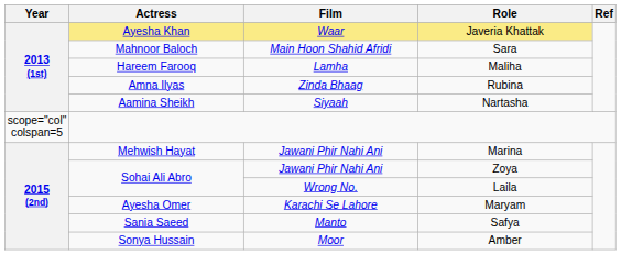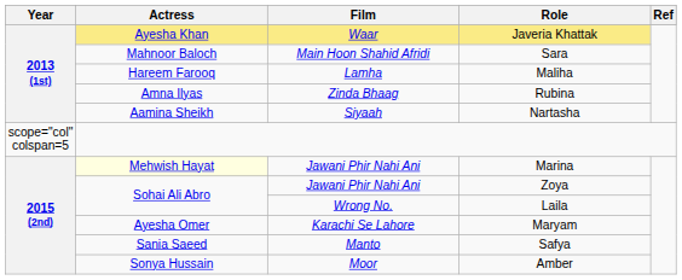 <table class="wikitable" style="text-align:center;">
 <tr style="background:#bebebe;">
 <th scope="col" style="width:8%;">Year</th>
 <th scope="col" style="width:30%;">Actress</th>
 <th scope="col" style="width:30%;">Film</th>
 <th scope="col" style="width:30%;">Role</th>
 <th scope="col" style="width:2%;">Ref</th>
 </tr>
 <tr>
 <th scope="row"  rowspan=5 style="text-align:center"><strong><a href='#'>2013</a></strong><br><small><a href='#'>(1st)</a></small></th>
 <td style="background:#FAEB86"><a href='#'>Ayesha Khan</a></td>
 <td style="background:#FAEB86"><em><a href='#'>Waar</a></em></td>
 <td style="background:#FAEB86">Javeria Khattak</td>
 <td rowspan=5></td>
 </tr>
 <tr>
 <td><a href='#'>Mahnoor Baloch</a></td>
 <td><em><a href='#'>Main Hoon Shahid Afridi</a></em></td>
 <td>Sara</td>
 </tr>
 <tr>
 <td><a href='#'>Hareem Farooq</a></td>
 <td><em><a href='#'>Lamha</a></em></td>
 <td>Maliha</td>
 </tr>
 <tr>
 <td><a href='#'>Amna Ilyas</a></td>
 <td><em><a href='#'>Zinda Bhaag</a></em></td>
 <td>Rubina</td>
 </tr>
 <tr>
 <td><a href='#'>Aamina Sheikh</a></td>
 <td><em><a href='#'>Siyaah</a></em></td>
 <td>Nartasha</td>
 </tr>
 <tr>
 <td>scope="col" colspan=5 </td>
 </tr>
 <tr>
 <th scope="row"  rowspan=6 style="text-align:center"><strong><a href='#'>2015</a></strong><br><small><a href='#'>(2nd)</a></small></th>
-<td><a href='#'>Mehwish Hayat</a></td>
+<td style="background: lightyellow;"><a href='#'>Mehwish Hayat</a></td>
 <td><em><a href='#'>Jawani Phir Nahi Ani</a></em></td>
 <td>Marina</td>
 <td rowspan=6></td>
 </tr>
 <tr>
 <td rowspan=2><a href='#'>Sohai Ali Abro</a></td>
 <td><em><a href='#'>Jawani Phir Nahi Ani</a></em></td>
 <td>Zoya</td>
 </tr>
 <tr>
 <td><em><a href='#'>Wrong No.</a></em></td>
 <td>Laila</td>
 </tr>
 <tr>
 <td><a href='#'>Ayesha Omer</a></td>
 <td><em><a href='#'>Karachi Se Lahore</a></em></td>
 <td>Maryam</td>
 </tr>
 <tr>
 <td><a href='#'>Sania Saeed</a></td>
 <td><em><a href='#'>Manto</a></em></td>
 <td>Safya</td>
 </tr>
 <tr>
 <td><a href='#'>Sonya Hussain</a></td>
 <td><em><a href='#'>Moor</a></em></td>
 <td>Amber</td>
 </tr>
 </table>
